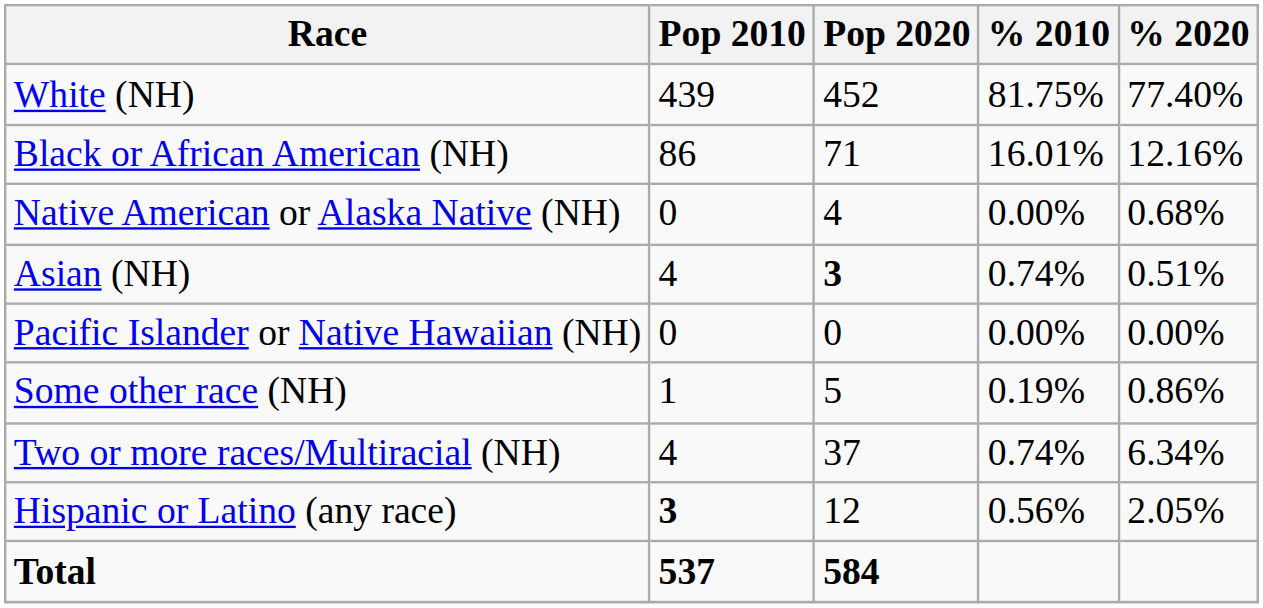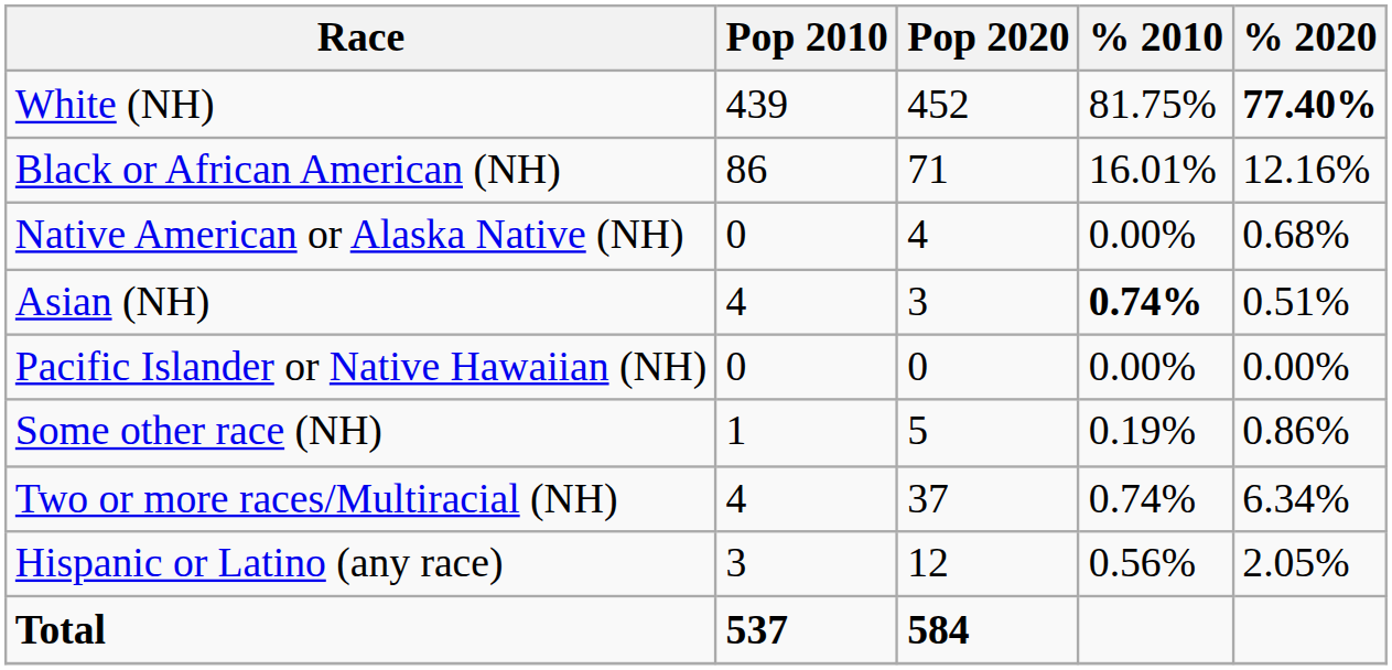 <table class="wikitable">
 <tr>
 <th>Race</th>
 <th>Pop 2010</th>
 <th>Pop 2020</th>
 <th>% 2010</th>
 <th>% 2020</th>
 </tr>
 <tr>
 <td><a href='#'>White</a> (NH)</td>
 <td>439</td>
 <td>452</td>
 <td>81.75%</td>
-<td>77.40%</td>
+<td><strong>77.40%</strong></td>
 </tr>
 <tr>
 <td><a href='#'>Black or African American</a> (NH)</td>
 <td>86</td>
 <td>71</td>
 <td>16.01%</td>
 <td>12.16%</td>
 </tr>
 <tr>
 <td><a href='#'>Native American</a> or <a href='#'>Alaska Native</a> (NH)</td>
 <td>0</td>
 <td>4</td>
 <td>0.00%</td>
 <td>0.68%</td>
 </tr>
 <tr>
 <td><a href='#'>Asian</a> (NH)</td>
 <td>4</td>
-<td><strong>3</strong></td>
-<td>0.74%</td>
+<td>3</td>
+<td><strong>0.74%</strong></td>
 <td>0.51%</td>
 </tr>
 <tr>
 <td><a href='#'>Pacific Islander</a> or <a href='#'>Native Hawaiian</a> (NH)</td>
 <td>0</td>
 <td>0</td>
 <td>0.00%</td>
 <td>0.00%</td>
 </tr>
 <tr>
 <td><a href='#'>Some other race</a> (NH)</td>
 <td>1</td>
 <td>5</td>
 <td>0.19%</td>
 <td>0.86%</td>
 </tr>
 <tr>
 <td><a href='#'>Two or more races/Multiracial</a> (NH)</td>
 <td>4</td>
 <td>37</td>
 <td>0.74%</td>
 <td>6.34%</td>
 </tr>
 <tr>
 <td><a href='#'>Hispanic or Latino</a> (any race)</td>
-<td><strong>3</strong></td>
+<td>3</td>
 <td>12</td>
 <td>0.56%</td>
 <td>2.05%</td>
 </tr>
 <tr>
 <td><strong>Total</strong></td>
 <td><strong>537</strong></td>
 <td><strong>584</strong></td>
 <td></td>
 <td></td>
 </tr>
 <tr>
 </tr>
 </table>
